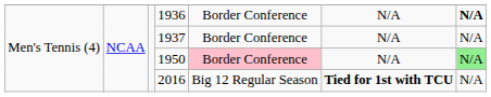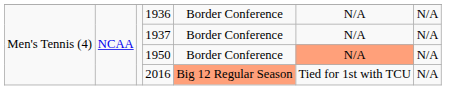 <table class="wikitable">
 <tr align="center">
 </tr>
 <tr align="center">
 <td rowspan="5">Men's Tennis (4)</td>
 <td rowspan="5"><a href='#'>NCAA</a></td>
 <td rowspan="5"></td>
 </tr>
 <tr align="center">
 <td>1936</td>
 <td>Border Conference</td>
 <td>N/A</td>
-<td><strong>N/A</strong></td>
+<td>N/A</td>
 </tr>
 <tr align="center">
 <td>1937</td>
 <td>Border Conference</td>
 <td>N/A</td>
 <td>N/A</td>
 </tr>
 <tr align="center">
 <td>1950</td>
-<td style="background: pink;">Border Conference</td>
+<td>Border Conference</td>
+<td style="background: lightsalmon;">N/A</td>
 <td>N/A</td>
-<td style="background: lightgreen;">N/A</td>
 </tr>
 <tr align="center">
 <td>2016</td>
-<td>Big 12 Regular Season</td>
-<td><strong>Tied for 1st with TCU</strong></td>
+<td style="background: lightsalmon;">Big 12 Regular Season</td>
+<td>Tied for 1st with TCU</td>
 <td>N/A</td>
 </tr>
 </table>
